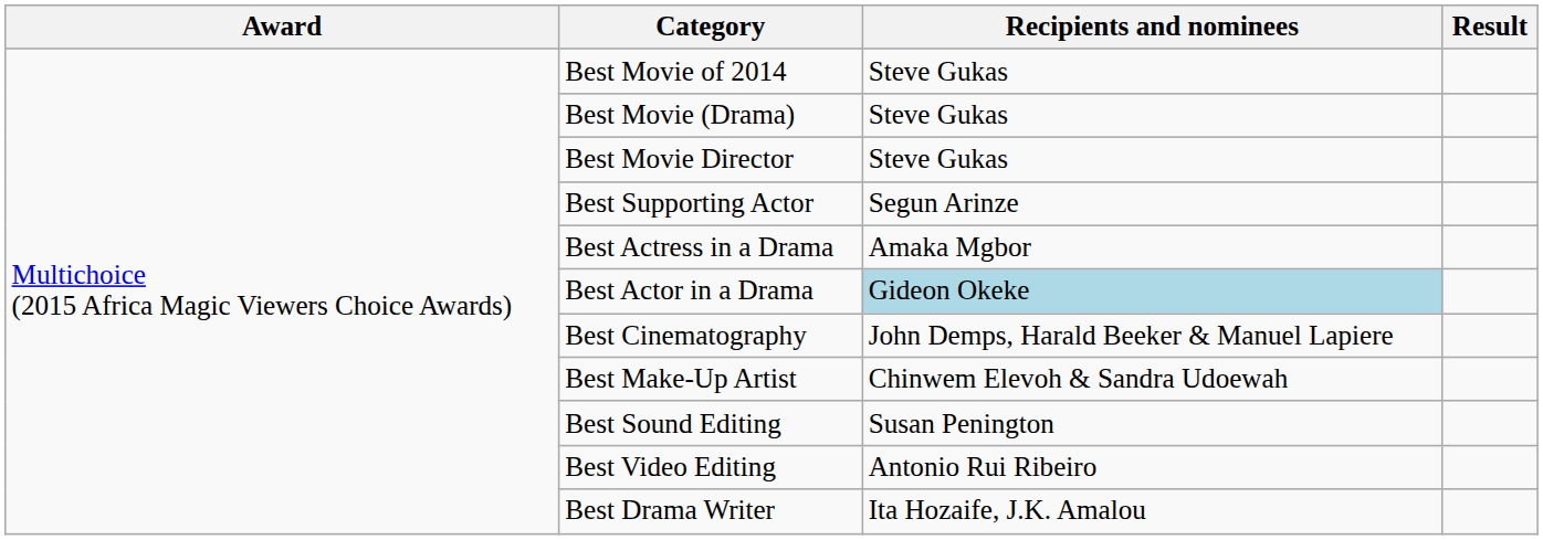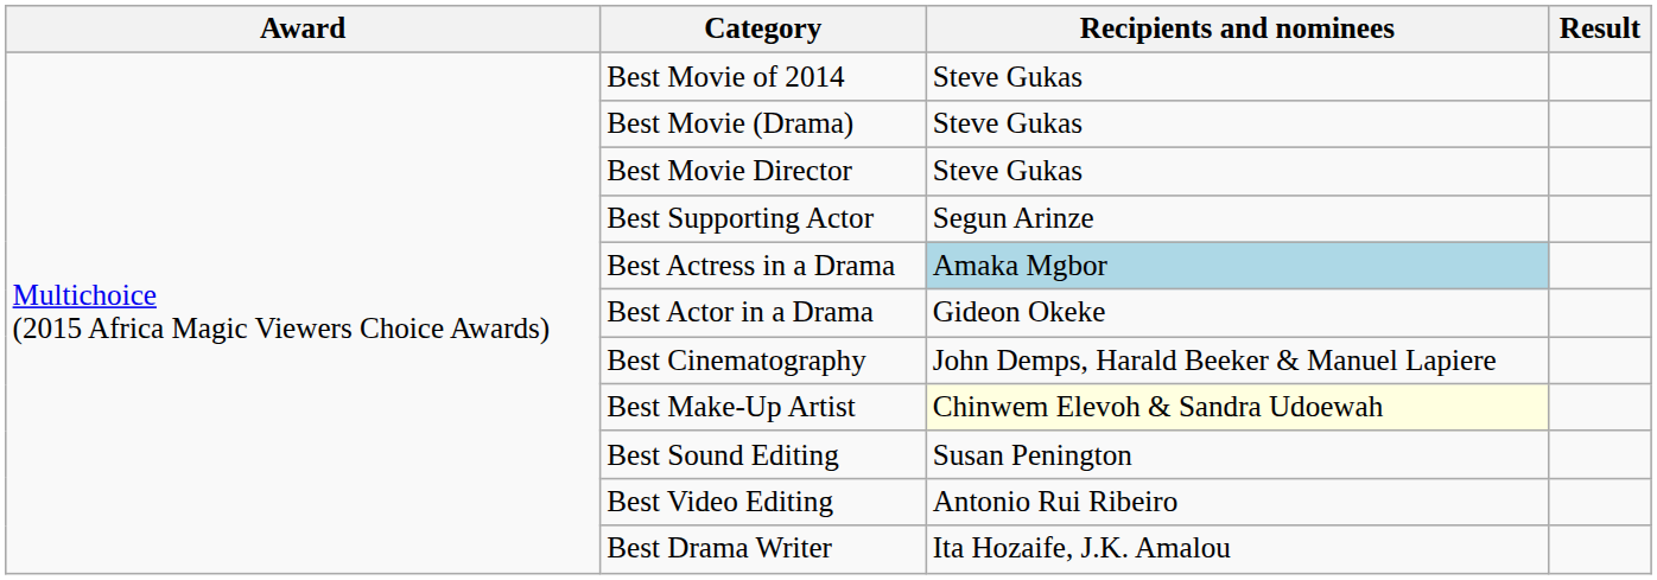 <table class="wikitable sortable" style="width:100%">
 <tr>
 <th>Award</th>
 <th>Category</th>
 <th>Recipients and nominees</th>
 <th>Result</th>
 </tr>
 <tr>
 <td rowspan=11><a href='#'>Multichoice</a> <br> (2015 Africa Magic Viewers Choice Awards)</td>
 <td>Best Movie of 2014</td>
 <td>Steve Gukas</td>
 <td></td>
 </tr>
 <tr>
 <td>Best Movie (Drama)</td>
 <td>Steve Gukas</td>
 <td></td>
 </tr>
 <tr>
 <td>Best Movie Director</td>
 <td>Steve Gukas</td>
 <td></td>
 </tr>
 <tr>
 <td>Best Supporting Actor</td>
 <td>Segun Arinze</td>
 <td></td>
 </tr>
 <tr>
 <td>Best Actress in a Drama</td>
-<td>Amaka Mgbor</td>
+<td style="background: lightblue;">Amaka Mgbor</td>
 <td></td>
 </tr>
 <tr>
 <td>Best Actor in a Drama</td>
-<td style="background: lightblue;">Gideon Okeke</td>
+<td>Gideon Okeke</td>
 <td></td>
 </tr>
 <tr>
 <td>Best Cinematography</td>
 <td>John Demps, Harald Beeker & Manuel Lapiere</td>
 <td></td>
 </tr>
 <tr>
 <td>Best Make-Up Artist</td>
-<td>Chinwem Elevoh & Sandra Udoewah</td>
+<td style="background: lightyellow;">Chinwem Elevoh & Sandra Udoewah</td>
 <td></td>
 </tr>
 <tr>
 <td>Best Sound Editing</td>
 <td>Susan Penington</td>
 <td></td>
 </tr>
 <tr>
 <td>Best Video Editing</td>
 <td>Antonio Rui Ribeiro</td>
 <td></td>
 </tr>
 <tr>
 <td>Best Drama Writer</td>
 <td>Ita Hozaife, J.K. Amalou</td>
 <td></td>
 </tr>
 </table>
